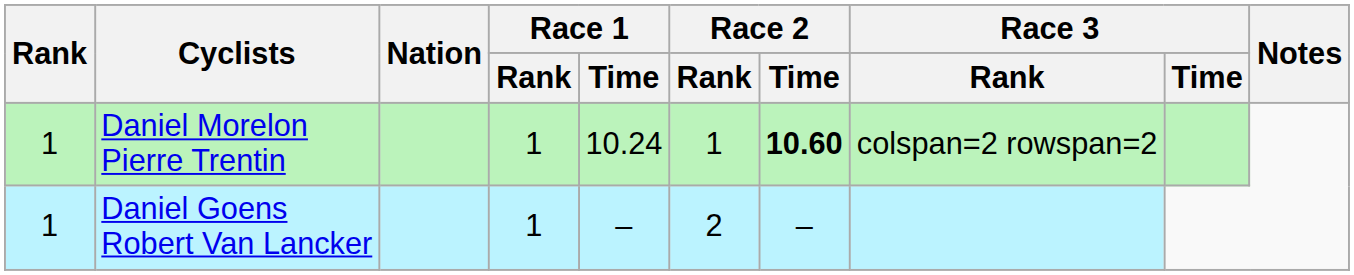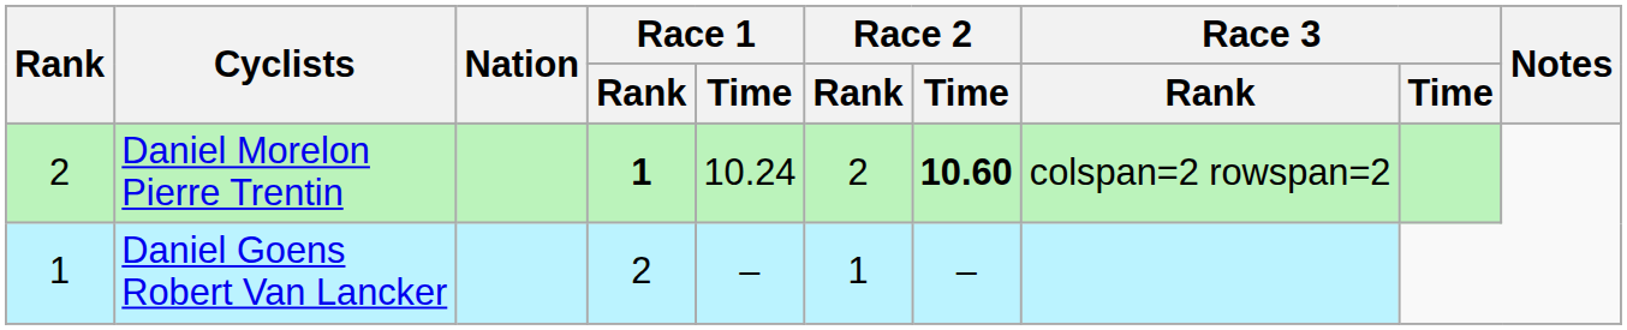 <table class="wikitable sortable" style="text-align:center">
 <tr>
 <th rowspan=2>Rank</th>
 <th rowspan=2>Cyclists</th>
 <th rowspan=2>Nation</th>
 <th colspan=2>Race 1</th>
 <th colspan=2>Race 2</th>
 <th colspan=2>Race 3</th>
 <th rowspan=2>Notes</th>
 </tr>
 <tr>
 <th>Rank</th>
 <th>Time</th>
 <th>Rank</th>
 <th>Time</th>
 <th>Rank</th>
 <th>Time</th>
 </tr>
 <tr bgcolor=bbf3bb>
-<td>1</td>
+<td>2</td>
 <td align=left><a href='#'>Daniel Morelon</a><br><a href='#'>Pierre Trentin</a></td>
 <td align=left></td>
-<td>1</td>
+<td><strong>1</strong></td>
 <td>10.24</td>
-<td>1</td>
+<td>2</td>
 <td><strong>10.60</strong></td>
 <td>colspan=2 rowspan=2 </td>
 <td></td>
 </tr>
 <tr bgcolor=bbf3ff>
 <td>1</td>
 <td align=left><a href='#'>Daniel Goens</a><br><a href='#'>Robert Van Lancker</a></td>
 <td align=left></td>
+<td>2</td>
+<td>–</td>
 <td>1</td>
-<td>–</td>
-<td>2</td>
 <td>–</td>
 <td></td>
 </tr>
 </table>
